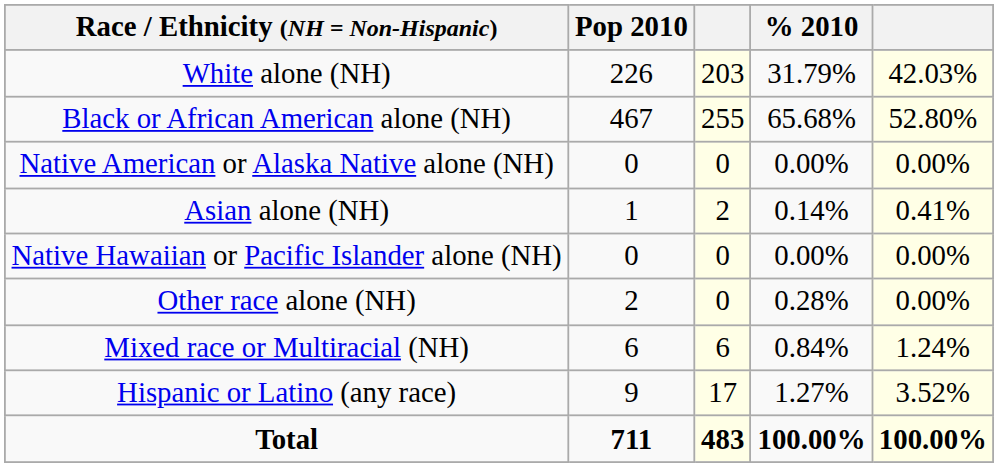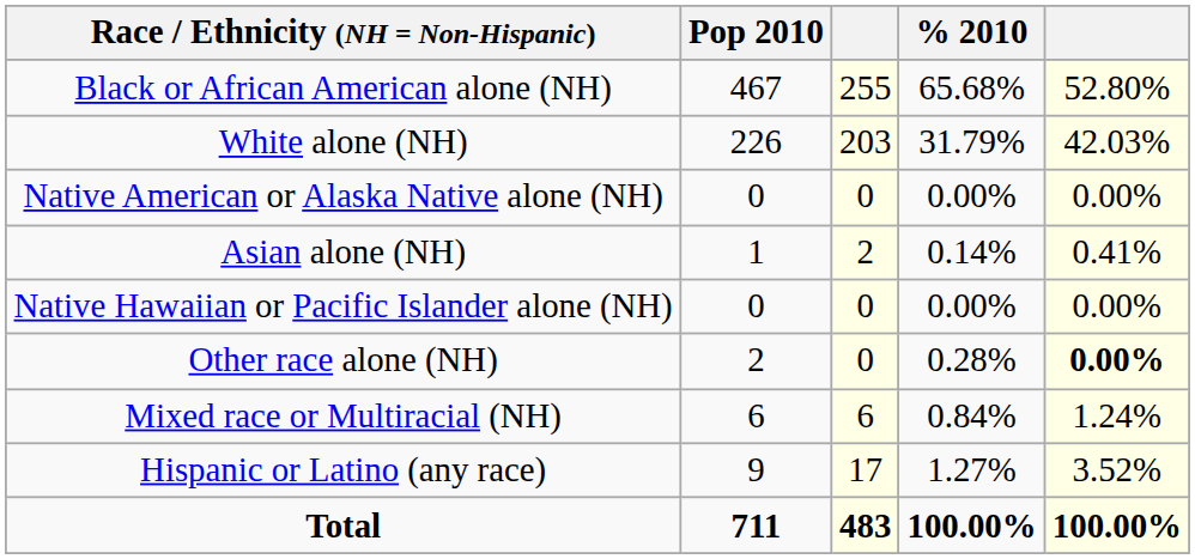 <table class="wikitable" style="text-align:center;">
 <tr>
 <th>Race / Ethnicity <small>(<em>NH = Non-Hispanic</em>)</small></th>
 <th>Pop 2010</th>
 <th></th>
 <th>% 2010</th>
 <th></th>
 </tr>
 <tr>
+<td><a href='#'>Black or African American</a> alone (NH)</td>
+<td>467</td>
+<td style='background: #ffffe6;'>255</td>
+<td>65.68%</td>
+<td style='background: #ffffe6;'>52.80%</td>
+</tr>
+<tr>
 <td><a href='#'>White</a> alone (NH)</td>
 <td>226</td>
 <td style='background: #ffffe6;'>203</td>
 <td>31.79%</td>
 <td style='background: #ffffe6;'>42.03%</td>
-</tr>
-<tr>
-<td><a href='#'>Black or African American</a> alone (NH)</td>
-<td>467</td>
-<td style='background: #ffffe6;'>255</td>
-<td>65.68%</td>
-<td style='background: #ffffe6;'>52.80%</td>
 </tr>
 <tr>
 <td><a href='#'>Native American</a> or <a href='#'>Alaska Native</a> alone (NH)</td>
 <td>0</td>
 <td style='background: #ffffe6;'>0</td>
 <td>0.00%</td>
 <td style='background: #ffffe6;'>0.00%</td>
 </tr>
 <tr>
 <td><a href='#'>Asian</a> alone (NH)</td>
 <td>1</td>
 <td style='background: #ffffe6;'>2</td>
 <td>0.14%</td>
 <td style='background: #ffffe6;'>0.41%</td>
 </tr>
 <tr>
 <td><a href='#'>Native Hawaiian</a> or <a href='#'>Pacific Islander</a> alone (NH)</td>
 <td>0</td>
 <td style='background: #ffffe6;'>0</td>
 <td>0.00%</td>
 <td style='background: #ffffe6;'>0.00%</td>
 </tr>
 <tr>
 <td><a href='#'>Other race</a> alone (NH)</td>
 <td>2</td>
 <td style='background: #ffffe6;'>0</td>
 <td>0.28%</td>
-<td style='background: #ffffe6;'>0.00%</td>
+<td style='background: #ffffe6;'><strong>0.00%</strong></td>
 </tr>
 <tr>
 <td><a href='#'>Mixed race or Multiracial</a> (NH)</td>
 <td>6</td>
 <td style='background: #ffffe6;'>6</td>
 <td>0.84%</td>
 <td style='background: #ffffe6;'>1.24%</td>
 </tr>
 <tr>
 <td><a href='#'>Hispanic or Latino</a> (any race)</td>
 <td>9</td>
 <td style='background: #ffffe6;'>17</td>
 <td>1.27%</td>
 <td style='background: #ffffe6;'>3.52%</td>
 </tr>
 <tr>
 <td><strong>Total</strong></td>
 <td><strong>711</strong></td>
 <td style='background: #ffffe6;'><strong>483</strong></td>
 <td><strong>100.00%</strong></td>
 <td style='background: #ffffe6;'><strong>100.00%</strong></td>
 </tr>
 </table>
